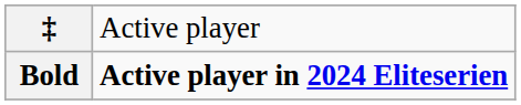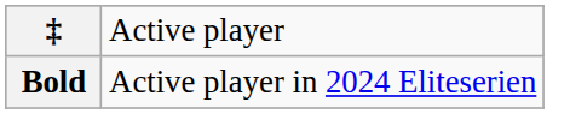 <table class="wikitable">
 <tr>
 <th scope=row width=40px>‡</th>
 <td>Active player</td>
 </tr>
 <tr>
 <th scope=row width=40px><strong>Bold</strong></th>
-<td><strong>Active player in <a href='#'>2024 Eliteserien</a></strong></td>
+<td>Active player in <a href='#'>2024 Eliteserien</a></td>
 </tr>
 </table>
